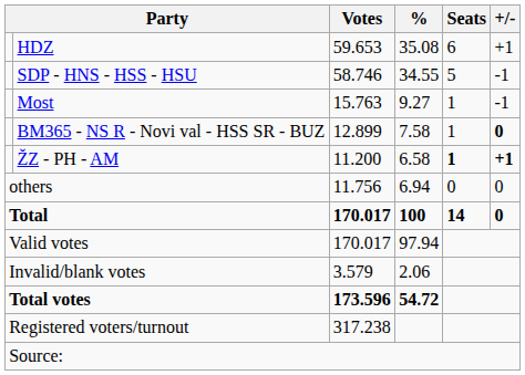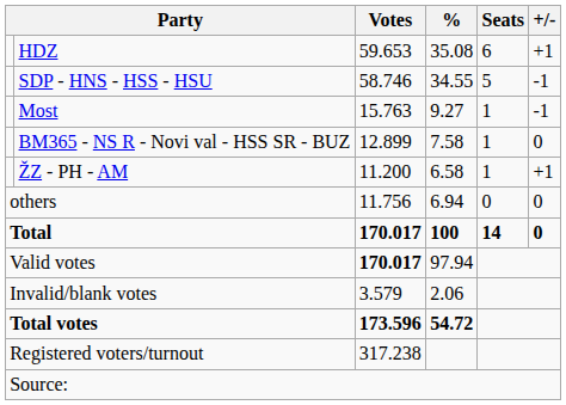 <table class="wikitable" style="text-align: left;">
 <tr>
 <th colspan="2">Party</th>
 <th>Votes</th>
 <th>%</th>
 <th>Seats</th>
 <th>+/-</th>
 </tr>
 <tr>
 <td style="background-color: "></td>
 <td><a href='#'>HDZ</a></td>
 <td>59.653</td>
 <td>35.08</td>
 <td>6</td>
 <td>+1</td>
 </tr>
 <tr>
 <td style="background-color: "></td>
 <td><a href='#'>SDP</a> - <a href='#'>HNS</a> - <a href='#'>HSS</a> - <a href='#'>HSU</a></td>
 <td>58.746</td>
 <td>34.55</td>
 <td>5</td>
 <td>-1</td>
 </tr>
 <tr>
 <td style="background-color: "></td>
 <td><a href='#'>Most</a></td>
 <td>15.763</td>
 <td>9.27</td>
 <td>1</td>
 <td>-1</td>
 </tr>
 <tr>
 <td style="background-color: "></td>
 <td><a href='#'>BM365</a> - <a href='#'>NS R</a> - Novi val - HSS SR - BUZ</td>
 <td>12.899</td>
 <td>7.58</td>
 <td>1</td>
-<td><strong>0</strong></td>
+<td>0</td>
 </tr>
 <tr>
 <td style="background-color: "></td>
 <td><a href='#'>ŽZ</a> - PH - <a href='#'>AM</a></td>
 <td>11.200</td>
 <td>6.58</td>
-<td><strong>1</strong></td>
-<td><strong>+1</strong></td>
+<td>1</td>
+<td>+1</td>
 </tr>
 <tr>
 <td colspan="2">others</td>
 <td>11.756</td>
 <td>6.94</td>
 <td>0</td>
 <td>0</td>
 </tr>
 <tr>
 <td colspan="2"><strong>Total</strong></td>
 <td><strong>170.017</strong></td>
 <td><strong>100</strong></td>
 <td><strong>14</strong></td>
 <td><strong>0</strong></td>
 </tr>
 <tr>
 <td colspan="2">Valid votes</td>
-<td>170.017</td>
+<td><strong>170.017</strong></td>
 <td>97.94</td>
 <td colspan="2"></td>
 </tr>
 <tr>
 <td colspan="2">Invalid/blank votes</td>
 <td>3.579</td>
 <td>2.06</td>
 <td colspan="2"></td>
 </tr>
 <tr>
 <td colspan="2"><strong>Total votes</strong></td>
 <td><strong>173.596</strong></td>
 <td><strong>54.72</strong></td>
 <td colspan="2"></td>
 </tr>
 <tr>
 <td colspan="2">Registered voters/turnout</td>
 <td votes14="5343">317.238</td>
 <td></td>
 <td colspan="2"></td>
 </tr>
 <tr>
 <td colspan="6">Source: </td>
 </tr>
 </table>
